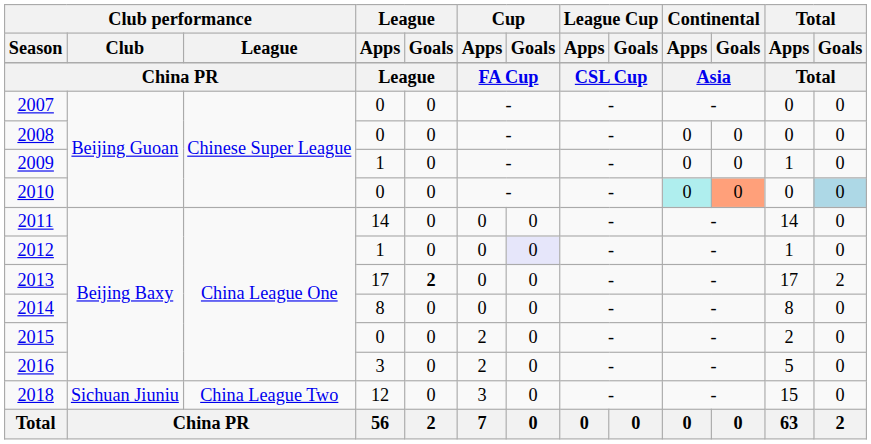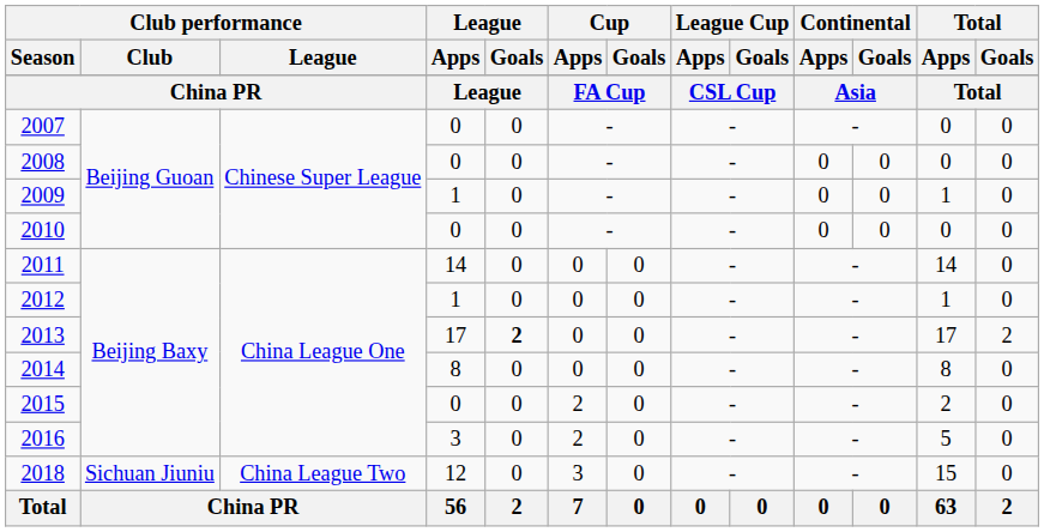 <table class="wikitable" style="text-align:center">
 <tr>
 <th colspan=3>Club performance</th>
 <th colspan=2>League</th>
 <th colspan=2>Cup</th>
 <th colspan=2>League Cup</th>
 <th colspan=2>Continental</th>
 <th colspan=2>Total</th>
 </tr>
 <tr>
 <th>Season</th>
 <th>Club</th>
 <th>League</th>
 <th>Apps</th>
 <th>Goals</th>
 <th>Apps</th>
 <th>Goals</th>
 <th>Apps</th>
 <th>Goals</th>
 <th>Apps</th>
 <th>Goals</th>
 <th>Apps</th>
 <th>Goals</th>
 </tr>
 <tr>
 </tr>
 <tr>
 <th colspan=3>China PR</th>
 <th colspan=2>League</th>
 <th colspan=2><a href='#'>FA Cup</a></th>
 <th colspan=2><a href='#'>CSL Cup</a></th>
 <th colspan=2><a href='#'>Asia</a></th>
 <th colspan=2>Total</th>
 </tr>
 <tr>
 <td><a href='#'>2007</a></td>
 <td rowspan="4"><a href='#'>Beijing Guoan</a></td>
 <td rowspan="4"><a href='#'>Chinese Super League</a></td>
 <td>0</td>
 <td>0</td>
 <td colspan="2">-</td>
 <td colspan="2">-</td>
 <td colspan="2">-</td>
 <td>0</td>
 <td>0</td>
 </tr>
 <tr>
 <td><a href='#'>2008</a></td>
 <td>0</td>
 <td>0</td>
 <td colspan="2">-</td>
 <td colspan="2">-</td>
 <td>0</td>
 <td>0</td>
 <td>0</td>
 <td>0</td>
 </tr>
 <tr>
 <td><a href='#'>2009</a></td>
 <td>1</td>
 <td>0</td>
 <td colspan="2">-</td>
 <td colspan="2">-</td>
 <td>0</td>
 <td>0</td>
 <td>1</td>
 <td>0</td>
 </tr>
 <tr>
 <td><a href='#'>2010</a></td>
 <td>0</td>
 <td>0</td>
 <td colspan="2">-</td>
 <td colspan="2">-</td>
-<td style="background: paleturquoise;">0</td>
-<td style="background: lightsalmon;">0</td>
 <td>0</td>
-<td style="background: lightblue;">0</td>
+<td>0</td>
+<td>0</td>
+<td>0</td>
 </tr>
 <tr>
 <td><a href='#'>2011</a></td>
 <td rowspan="6"><a href='#'>Beijing Baxy</a></td>
 <td rowspan="6"><a href='#'>China League One</a></td>
 <td>14</td>
 <td>0</td>
 <td>0</td>
 <td>0</td>
 <td colspan="2">-</td>
 <td colspan="2">-</td>
 <td>14</td>
 <td>0</td>
 </tr>
 <tr>
 <td><a href='#'>2012</a></td>
 <td>1</td>
 <td>0</td>
 <td>0</td>
-<td style="background: lavender;">0</td>
+<td>0</td>
 <td colspan="2">-</td>
 <td colspan="2">-</td>
 <td>1</td>
 <td>0</td>
 </tr>
 <tr>
 <td><a href='#'>2013</a></td>
 <td>17</td>
 <td><strong>2</strong></td>
 <td>0</td>
 <td>0</td>
 <td colspan="2">-</td>
 <td colspan="2">-</td>
 <td>17</td>
 <td>2</td>
 </tr>
 <tr>
 <td><a href='#'>2014</a></td>
 <td>8</td>
 <td>0</td>
 <td>0</td>
 <td>0</td>
 <td colspan="2">-</td>
 <td colspan="2">-</td>
 <td>8</td>
 <td>0</td>
 </tr>
 <tr>
 <td><a href='#'>2015</a></td>
 <td>0</td>
 <td>0</td>
 <td>2</td>
 <td>0</td>
 <td colspan="2">-</td>
 <td colspan="2">-</td>
 <td>2</td>
 <td>0</td>
 </tr>
 <tr>
 <td><a href='#'>2016</a></td>
 <td>3</td>
 <td>0</td>
 <td>2</td>
 <td>0</td>
 <td colspan="2">-</td>
 <td colspan="2">-</td>
 <td>5</td>
 <td>0</td>
 </tr>
 <tr>
 <td><a href='#'>2018</a></td>
 <td><a href='#'>Sichuan Jiuniu</a></td>
 <td><a href='#'>China League Two</a></td>
 <td>12</td>
 <td>0</td>
 <td>3</td>
 <td>0</td>
 <td colspan="2">-</td>
 <td colspan="2">-</td>
 <td>15</td>
 <td>0</td>
 </tr>
 <tr>
 <th rowspan=3>Total</th>
 <th colspan=2>China PR</th>
 <th>56</th>
 <th>2</th>
 <th>7</th>
 <th>0</th>
 <th>0</th>
 <th>0</th>
 <th>0</th>
 <th>0</th>
 <th>63</th>
 <th>2</th>
 </tr>
 </table>
